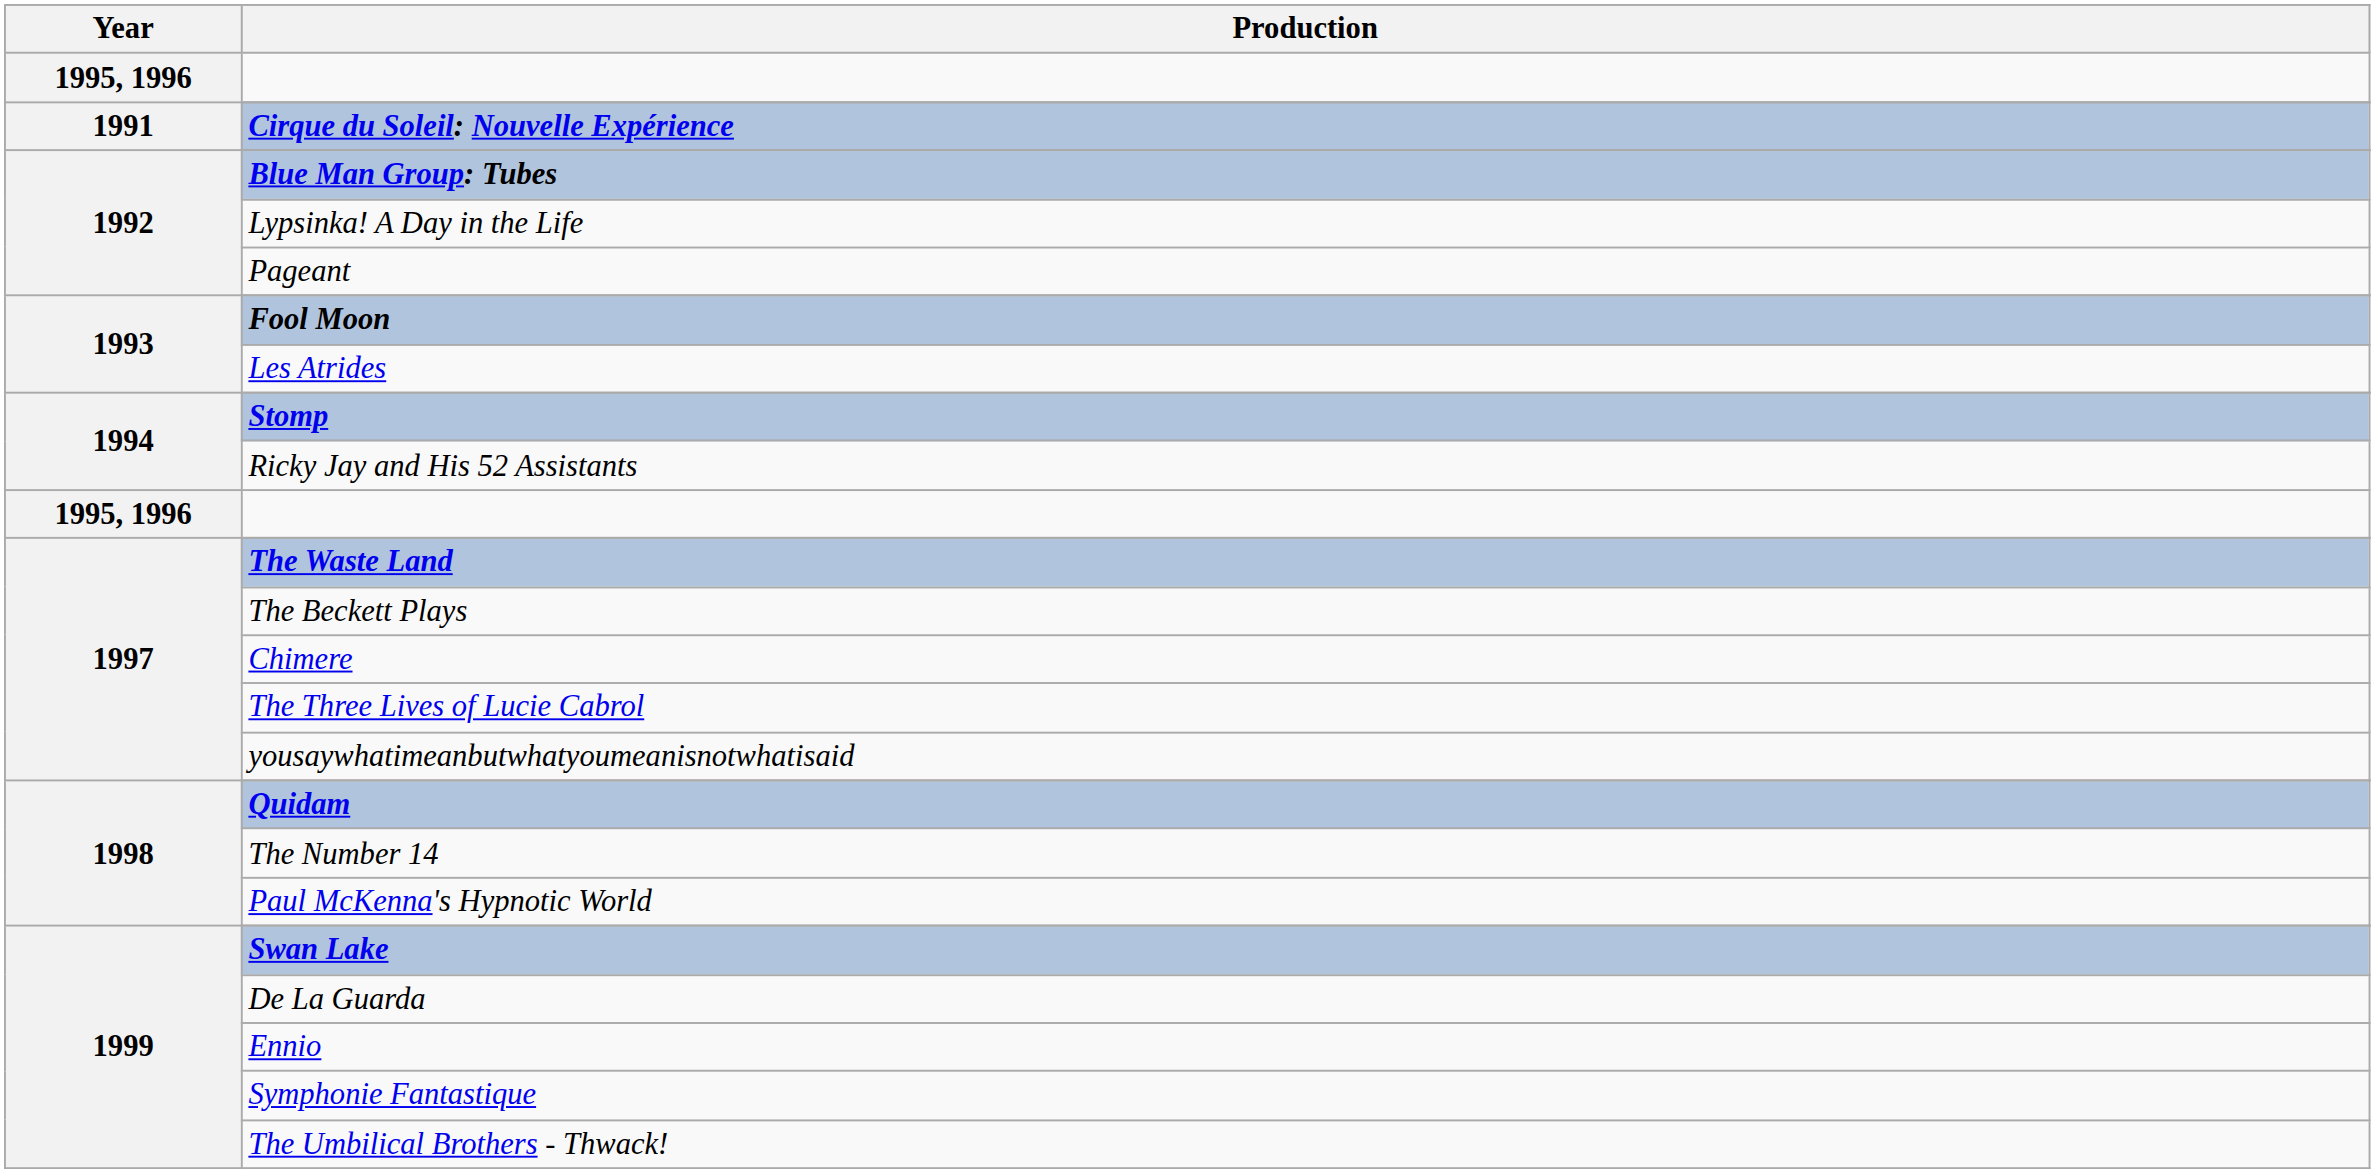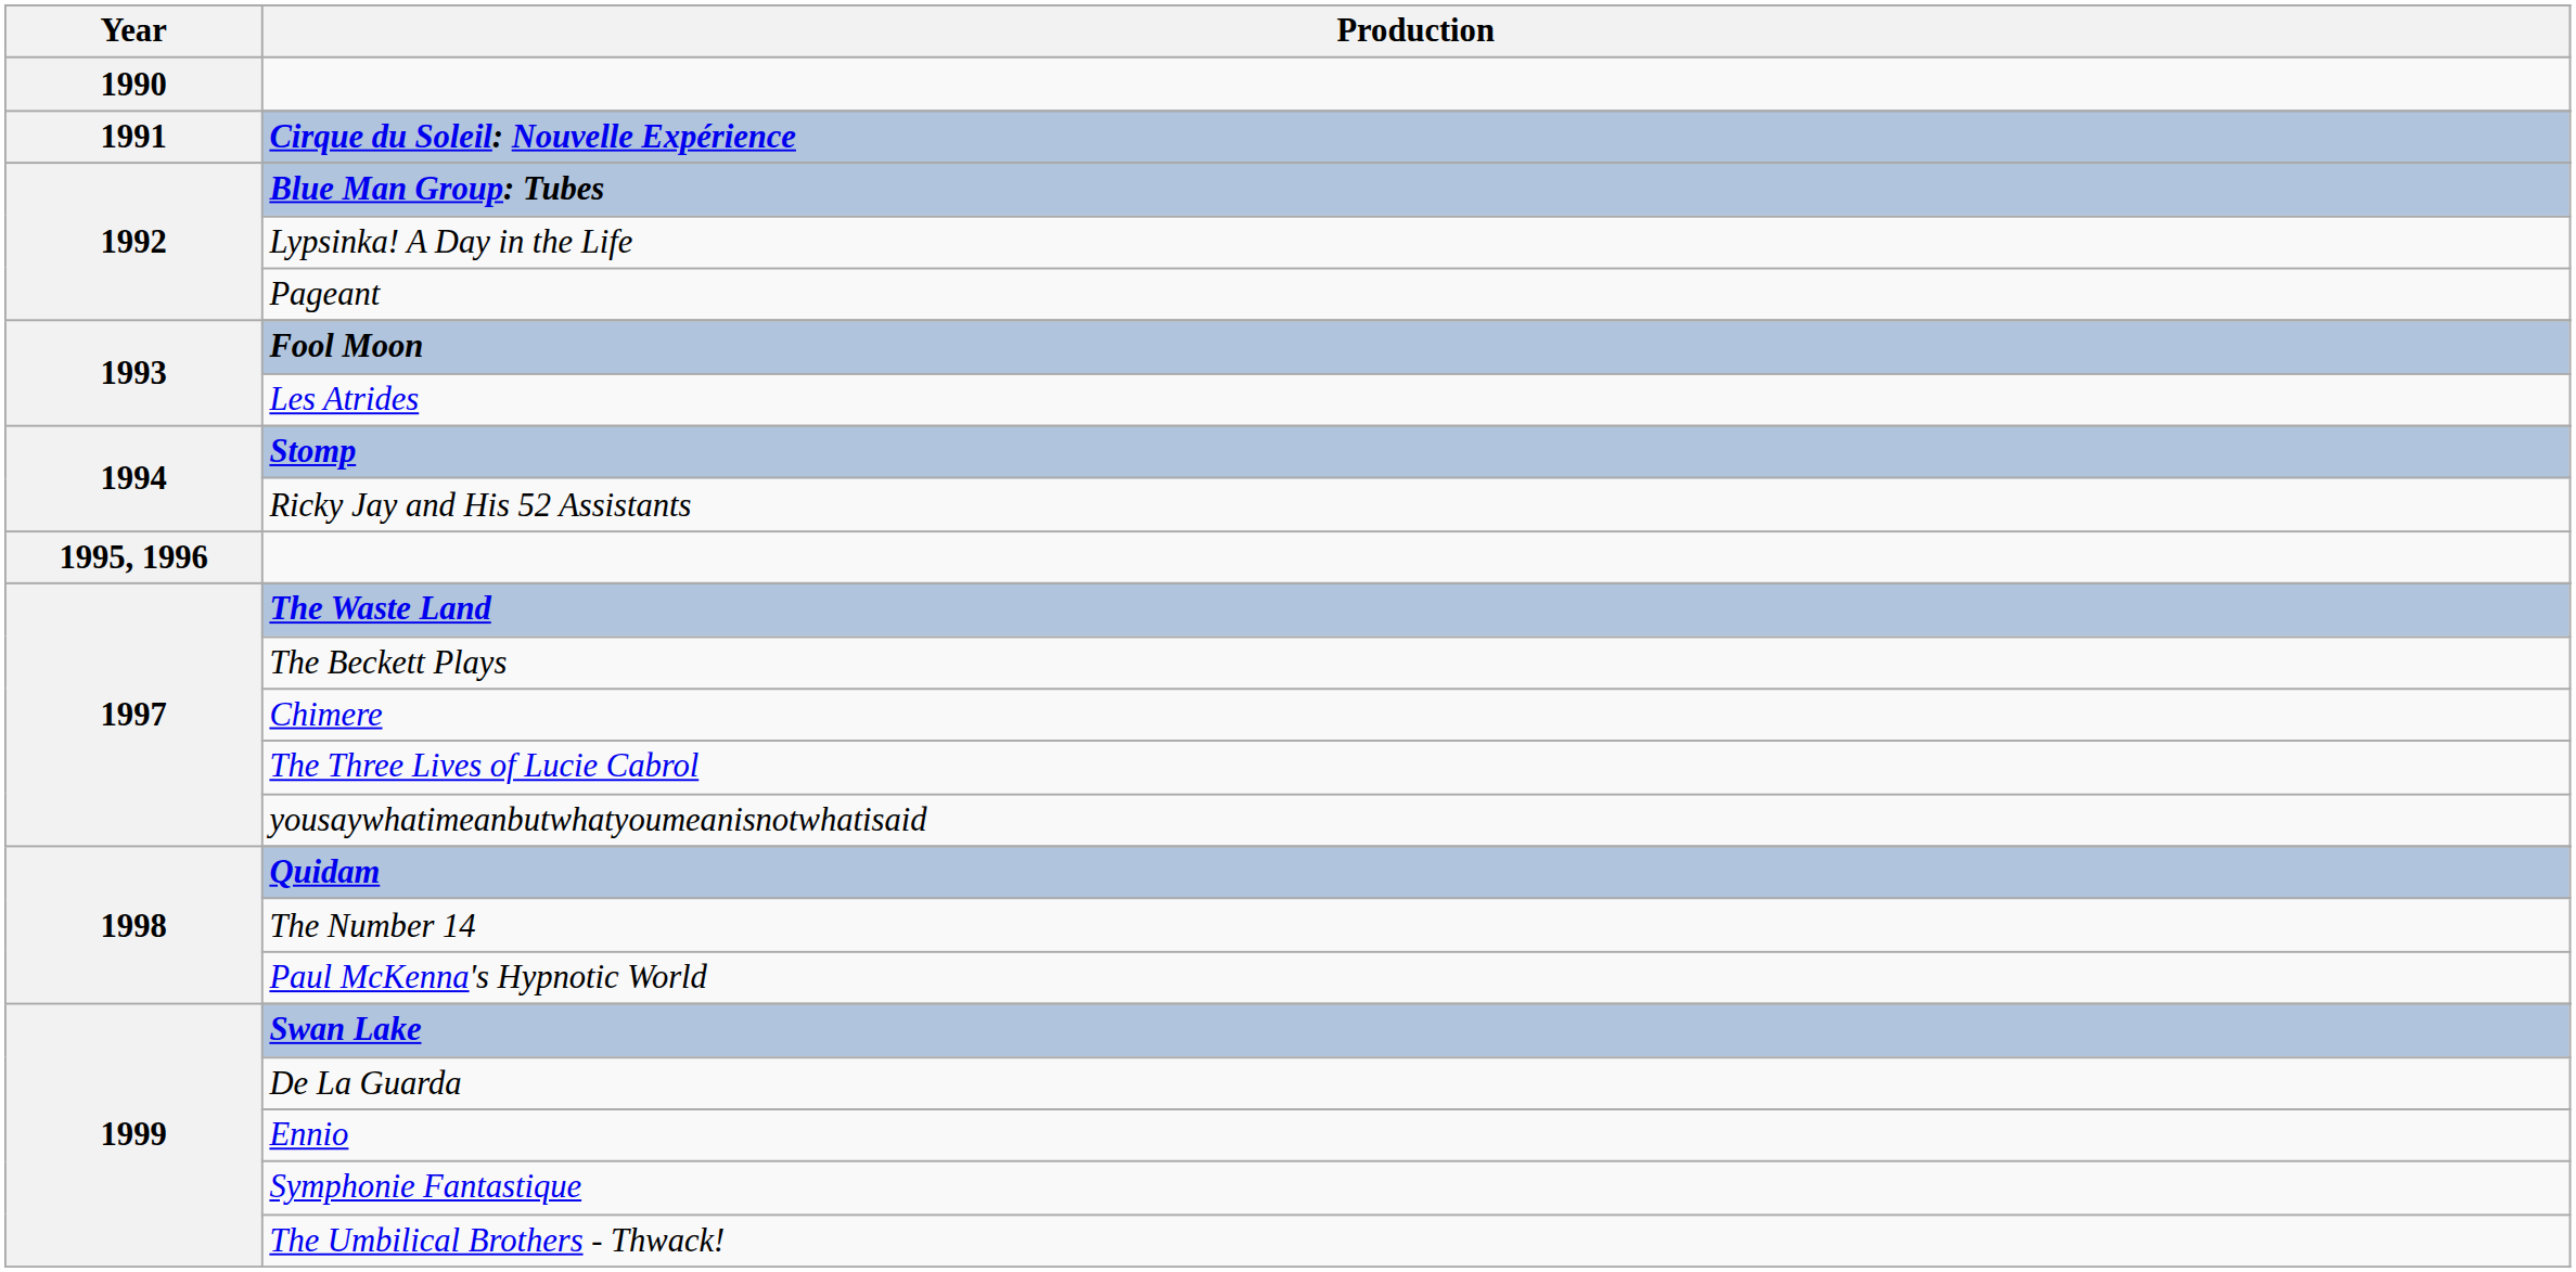 <table class="wikitable" style="width:98%;">
 <tr style="background:#bebebe;">
 <th style="width:10%;">Year</th>
 <th style="width:90%;">Production</th>
 </tr>
 <tr>
-<th>1995, 1996</th>
+<th>1990</th>
 <td></td>
 </tr>
 <tr>
 <th rowspan="2">1991</th>
 </tr>
 <tr style="background:#B0C4DE">
 <td><strong><em><a href='#'>Cirque du Soleil</a>: <a href='#'>Nouvelle Expérience</a></em></strong></td>
 </tr>
 <tr>
 <th rowspan="4">1992</th>
 </tr>
 <tr style="background:#B0C4DE">
 <td><strong><em><a href='#'>Blue Man Group</a>: Tubes</em></strong></td>
 </tr>
 <tr>
 <td><em>Lypsinka! A Day in the Life</em></td>
 </tr>
 <tr>
 <td><em>Pageant</em></td>
 </tr>
 <tr>
 <th rowspan="3">1993</th>
 </tr>
 <tr style="background:#B0C4DE">
 <td><strong><em>Fool Moon</em></strong></td>
 </tr>
 <tr>
 <td><em><a href='#'>Les Atrides</a></em></td>
 </tr>
 <tr>
 <th rowspan="3">1994</th>
 </tr>
 <tr style="background:#B0C4DE">
 <td><strong><em><a href='#'>Stomp</a></em></strong></td>
 </tr>
 <tr>
 <td><em>Ricky Jay and His 52 Assistants</em></td>
 </tr>
 <tr>
 <th>1995, 1996</th>
 <td></td>
 </tr>
 <tr>
 <th rowspan="6">1997</th>
 </tr>
 <tr style="background:#B0C4DE">
 <td><strong><em><a href='#'>The Waste Land</a></em></strong></td>
 </tr>
 <tr>
 <td><em>The Beckett Plays</em></td>
 </tr>
 <tr>
 <td><em><a href='#'>Chimere</a></em></td>
 </tr>
 <tr>
 <td><em><a href='#'>The Three Lives of Lucie Cabrol</a></em></td>
 </tr>
 <tr>
 <td><em>yousaywhatimeanbutwhatyoumeanisnotwhatisaid</em></td>
 </tr>
 <tr>
 <th rowspan="4">1998</th>
 </tr>
 <tr style="background:#B0C4DE">
 <td><strong><em><a href='#'>Quidam</a></em></strong></td>
 </tr>
 <tr>
 <td><em>The Number 14</em></td>
 </tr>
 <tr>
 <td><em><a href='#'>Paul McKenna</a>'s Hypnotic World</em></td>
 </tr>
 <tr>
 <th rowspan="6">1999</th>
 </tr>
 <tr style="background:#B0C4DE">
 <td><strong><em><a href='#'>Swan Lake</a></em></strong></td>
 </tr>
 <tr>
 <td><em>De La Guarda</em></td>
 </tr>
 <tr>
 <td><em><a href='#'>Ennio</a></em></td>
 </tr>
 <tr>
 <td><em><a href='#'>Symphonie Fantastique</a></em></td>
 </tr>
 <tr>
 <td><em><a href='#'>The Umbilical Brothers</a> - Thwack!</em></td>
 </tr>
 </table>
